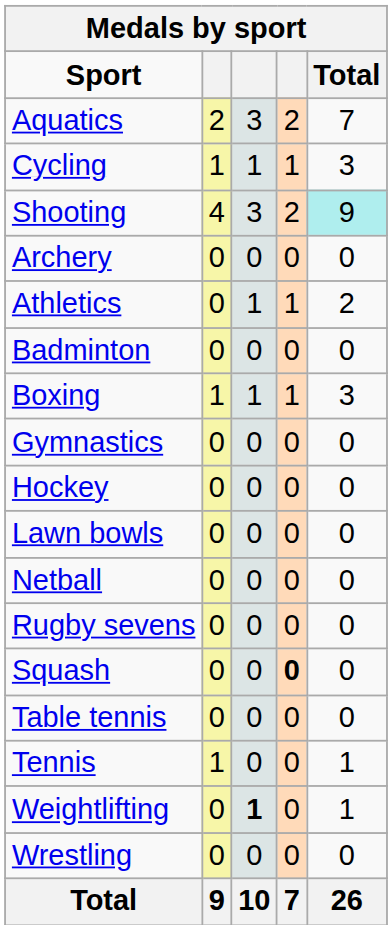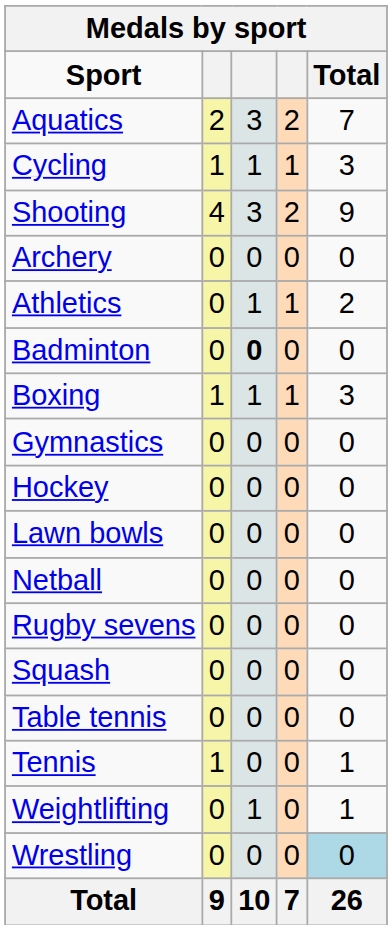 <table class="wikitable" border="1"  style="float:right">
 <tr>
 <th colspan=5><strong>Medals by sport</strong></th>
 </tr>
 <tr align=center>
 <td><strong>Sport</strong></td>
 <th bgcolor=#f7f6a8></th>
 <th bgcolor=#dce5e5></th>
 <th bgcolor=#ffdab9></th>
 <th><strong>Total</strong></th>
 </tr>
 <tr align=center>
 <td align=left><a href='#'>Aquatics</a></td>
 <td bgcolor=#f7f6a8>2</td>
 <td bgcolor=#dce5e5>3</td>
 <td bgcolor=#ffdab9>2</td>
 <td>7</td>
 </tr>
 <tr align=center>
 <td align=left><a href='#'>Cycling</a></td>
 <td bgcolor=#f7f6a8>1</td>
 <td bgcolor=#dce5e5>1</td>
 <td bgcolor=#ffdab9>1</td>
 <td>3</td>
 </tr>
 <tr align=center>
 <td align=left><a href='#'>Shooting</a></td>
 <td bgcolor=#f7f6a8>4</td>
 <td bgcolor=#dce5e5>3</td>
 <td bgcolor=#ffdab9>2</td>
-<td style="background: paleturquoise;">9</td>
+<td>9</td>
 </tr>
 <tr align=center>
 <td align=left><a href='#'>Archery</a></td>
 <td bgcolor=#f7f6a8>0</td>
 <td bgcolor=#dce5e5>0</td>
 <td bgcolor=#ffdab9>0</td>
 <td>0</td>
 </tr>
 <tr align=center>
 <td align=left><a href='#'>Athletics</a></td>
 <td bgcolor=#f7f6a8>0</td>
 <td bgcolor=#dce5e5>1</td>
 <td bgcolor=#ffdab9>1</td>
 <td>2</td>
 </tr>
 <tr align=center>
 <td align=left><a href='#'>Badminton</a></td>
 <td bgcolor=#f7f6a8>0</td>
-<td bgcolor=#dce5e5>0</td>
+<td bgcolor=#dce5e5><strong>0</strong></td>
 <td bgcolor=#ffdab9>0</td>
 <td>0</td>
 </tr>
 <tr align=center>
 <td align=left><a href='#'>Boxing</a></td>
 <td bgcolor=#f7f6a8>1</td>
 <td bgcolor=#dce5e5>1</td>
 <td bgcolor=#ffdab9>1</td>
 <td>3</td>
 </tr>
 <tr align=center>
 <td align=left><a href='#'>Gymnastics</a></td>
 <td bgcolor=#f7f6a8>0</td>
 <td bgcolor=#dce5e5>0</td>
 <td bgcolor=#ffdab9>0</td>
 <td>0</td>
 </tr>
 <tr align=center>
 <td align=left><a href='#'>Hockey</a></td>
 <td bgcolor=#f7f6a8>0</td>
 <td bgcolor=#dce5e5>0</td>
 <td bgcolor=#ffdab9>0</td>
 <td>0</td>
 </tr>
 <tr align=center>
 <td align=left><a href='#'>Lawn bowls</a></td>
 <td bgcolor=#f7f6a8>0</td>
 <td bgcolor=#dce5e5>0</td>
 <td bgcolor=#ffdab9>0</td>
 <td>0</td>
 </tr>
 <tr align=center>
 <td align=left><a href='#'>Netball</a></td>
 <td bgcolor=#f7f6a8>0</td>
 <td bgcolor=#dce5e5>0</td>
 <td bgcolor=#ffdab9>0</td>
 <td>0</td>
 </tr>
 <tr align=center>
 <td align=left><a href='#'>Rugby sevens</a></td>
 <td bgcolor=#f7f6a8>0</td>
 <td bgcolor=#dce5e5>0</td>
 <td bgcolor=#ffdab9>0</td>
 <td>0</td>
 </tr>
 <tr align=center>
 <td align=left><a href='#'>Squash</a></td>
 <td bgcolor=#f7f6a8>0</td>
 <td bgcolor=#dce5e5>0</td>
-<td bgcolor=#ffdab9><strong>0</strong></td>
+<td bgcolor=#ffdab9>0</td>
 <td>0</td>
 </tr>
 <tr align=center>
 <td align=left><a href='#'>Table tennis</a></td>
 <td bgcolor=#f7f6a8>0</td>
 <td bgcolor=#dce5e5>0</td>
 <td bgcolor=#ffdab9>0</td>
 <td>0</td>
 </tr>
 <tr align=center>
 <td align=left><a href='#'>Tennis</a></td>
 <td bgcolor=#f7f6a8>1</td>
 <td bgcolor=#dce5e5>0</td>
 <td bgcolor=#ffdab9>0</td>
 <td>1</td>
 </tr>
 <tr align=center>
 <td align=left><a href='#'>Weightlifting</a></td>
 <td bgcolor=#f7f6a8>0</td>
-<td bgcolor=#dce5e5><strong>1</strong></td>
+<td bgcolor=#dce5e5>1</td>
 <td bgcolor=#ffdab9>0</td>
 <td>1</td>
 </tr>
 <tr align=center>
 <td align=left><a href='#'>Wrestling</a></td>
 <td bgcolor=#f7f6a8>0</td>
 <td bgcolor=#dce5e5>0</td>
 <td bgcolor=#ffdab9>0</td>
-<td>0</td>
+<td style="background: lightblue;">0</td>
 </tr>
 <tr align=center>
 <th bgcolor=#efefef><strong>Total</strong></th>
 <th bgcolor=#f7f6a8>9</th>
 <th bgcolor=#dce5e5>10</th>
 <th bgcolor=#ffdab9>7</th>
 <th>26</th>
 </tr>
 </table>
